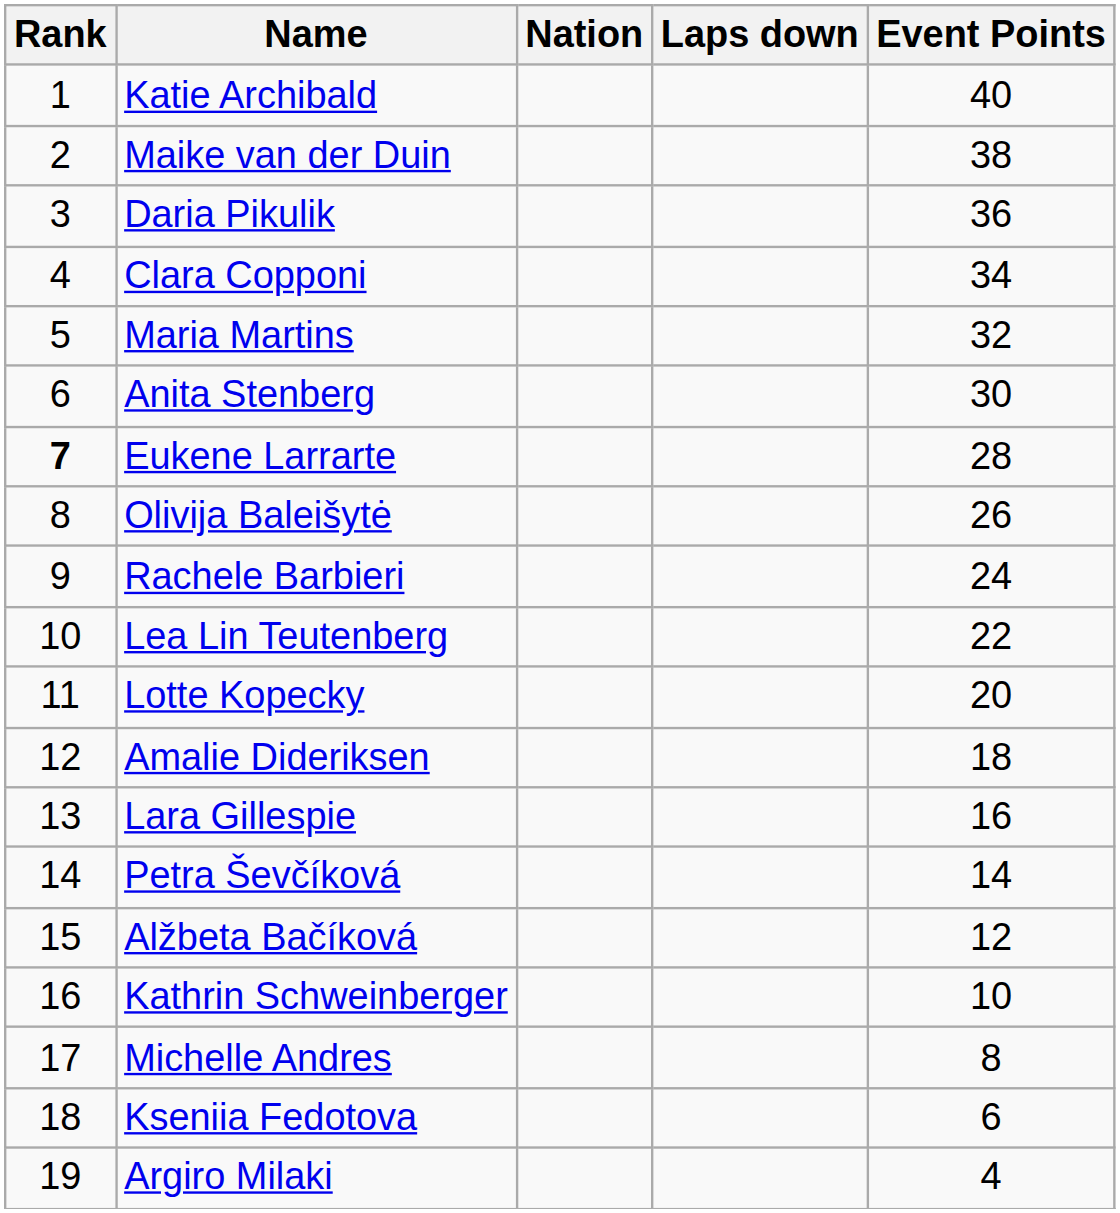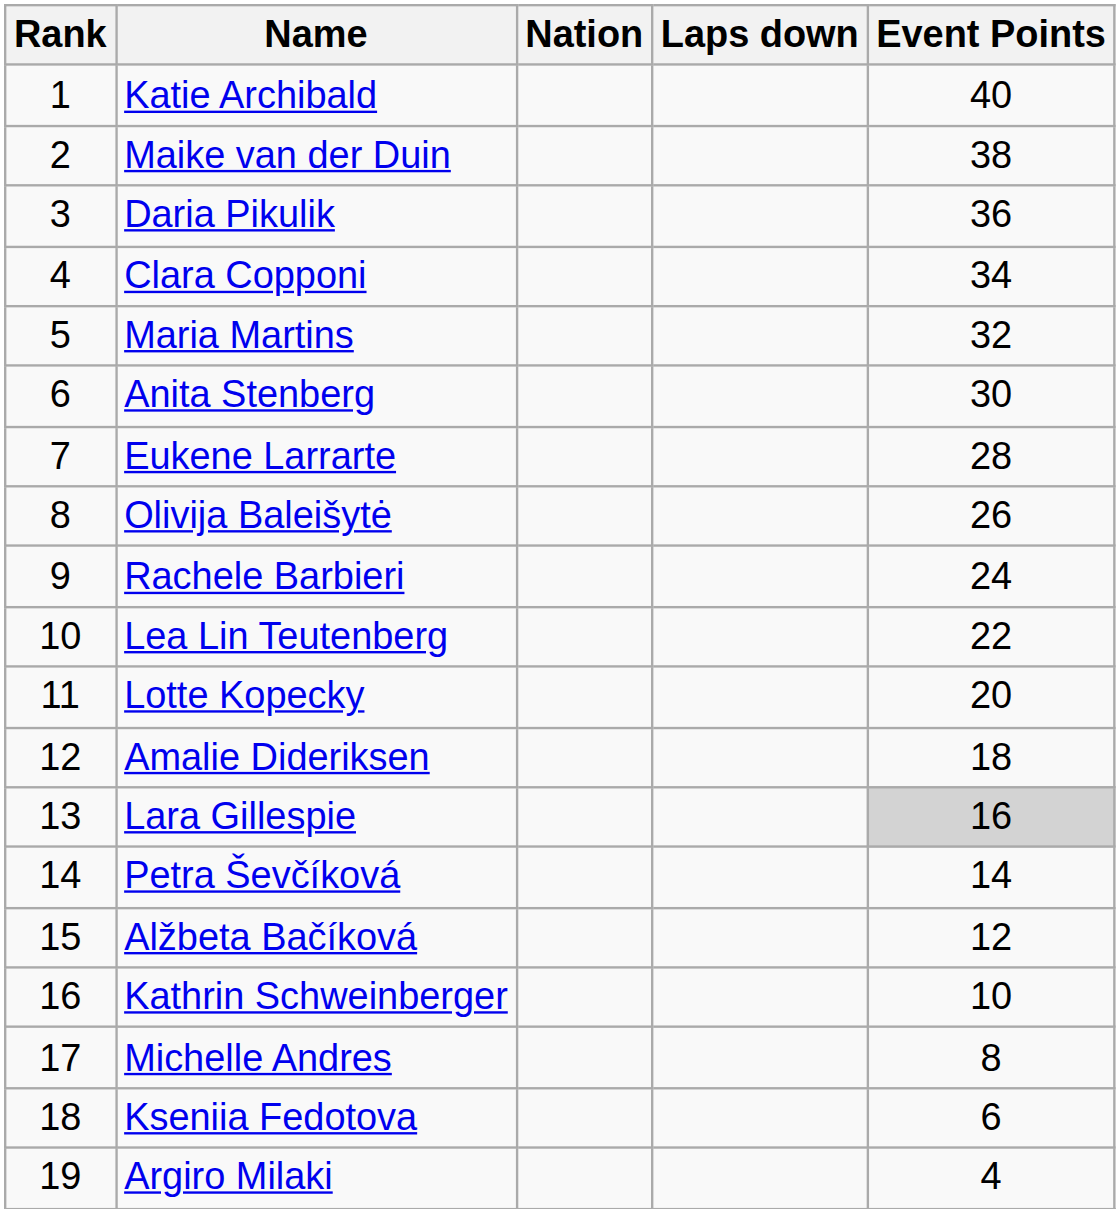 <table class="wikitable sortable" style="text-align:center">
 <tr>
 <th>Rank</th>
 <th>Name</th>
 <th>Nation</th>
 <th>Laps down</th>
 <th>Event Points</th>
 </tr>
 <tr>
 <td>1</td>
 <td align=left><a href='#'>Katie Archibald</a></td>
 <td align=left></td>
 <td></td>
 <td>40</td>
 </tr>
 <tr>
 <td>2</td>
 <td align=left><a href='#'>Maike van der Duin</a></td>
 <td align=left></td>
 <td></td>
 <td>38</td>
 </tr>
 <tr>
 <td>3</td>
 <td align=left><a href='#'>Daria Pikulik</a></td>
 <td align=left></td>
 <td></td>
 <td>36</td>
 </tr>
 <tr>
 <td>4</td>
 <td align=left><a href='#'>Clara Copponi</a></td>
 <td align=left></td>
 <td></td>
 <td>34</td>
 </tr>
 <tr>
 <td>5</td>
 <td align=left><a href='#'>Maria Martins</a></td>
 <td align=left></td>
 <td></td>
 <td>32</td>
 </tr>
 <tr>
 <td>6</td>
 <td align=left><a href='#'>Anita Stenberg</a></td>
 <td align=left></td>
 <td></td>
 <td>30</td>
 </tr>
 <tr>
-<td><strong>7</strong></td>
+<td>7</td>
 <td align=left><a href='#'>Eukene Larrarte</a></td>
 <td align=left></td>
 <td></td>
 <td>28</td>
 </tr>
 <tr>
 <td>8</td>
 <td align=left><a href='#'>Olivija Baleišytė</a></td>
 <td align=left></td>
 <td></td>
 <td>26</td>
 </tr>
 <tr>
 <td>9</td>
 <td align=left><a href='#'>Rachele Barbieri</a></td>
 <td align=left></td>
 <td></td>
 <td>24</td>
 </tr>
 <tr>
 <td>10</td>
 <td align=left><a href='#'>Lea Lin Teutenberg</a></td>
 <td align=left></td>
 <td></td>
 <td>22</td>
 </tr>
 <tr>
 <td>11</td>
 <td align=left><a href='#'>Lotte Kopecky</a></td>
 <td align=left></td>
 <td></td>
 <td>20</td>
 </tr>
 <tr>
 <td>12</td>
 <td align=left><a href='#'>Amalie Dideriksen</a></td>
 <td align=left></td>
 <td></td>
 <td>18</td>
 </tr>
 <tr>
 <td>13</td>
 <td align=left><a href='#'>Lara Gillespie</a></td>
 <td align=left></td>
 <td></td>
-<td>16</td>
+<td style="background: lightgrey;">16</td>
 </tr>
 <tr>
 <td>14</td>
 <td align=left><a href='#'>Petra Ševčíková</a></td>
 <td align=left></td>
 <td></td>
 <td>14</td>
 </tr>
 <tr>
 <td>15</td>
 <td align=left><a href='#'>Alžbeta Bačíková</a></td>
 <td align=left></td>
 <td></td>
 <td>12</td>
 </tr>
 <tr>
 <td>16</td>
 <td align=left><a href='#'>Kathrin Schweinberger</a></td>
 <td align=left></td>
 <td></td>
 <td>10</td>
 </tr>
 <tr>
 <td>17</td>
 <td align=left><a href='#'>Michelle Andres</a></td>
 <td align=left></td>
 <td></td>
 <td>8</td>
 </tr>
 <tr>
 <td>18</td>
 <td align=left><a href='#'>Kseniia Fedotova</a></td>
 <td align=left></td>
 <td></td>
 <td>6</td>
 </tr>
 <tr>
 <td>19</td>
 <td align=left><a href='#'>Argiro Milaki</a></td>
 <td align=left></td>
 <td></td>
 <td>4</td>
 </tr>
 <tr>
 </tr>
 </table>
